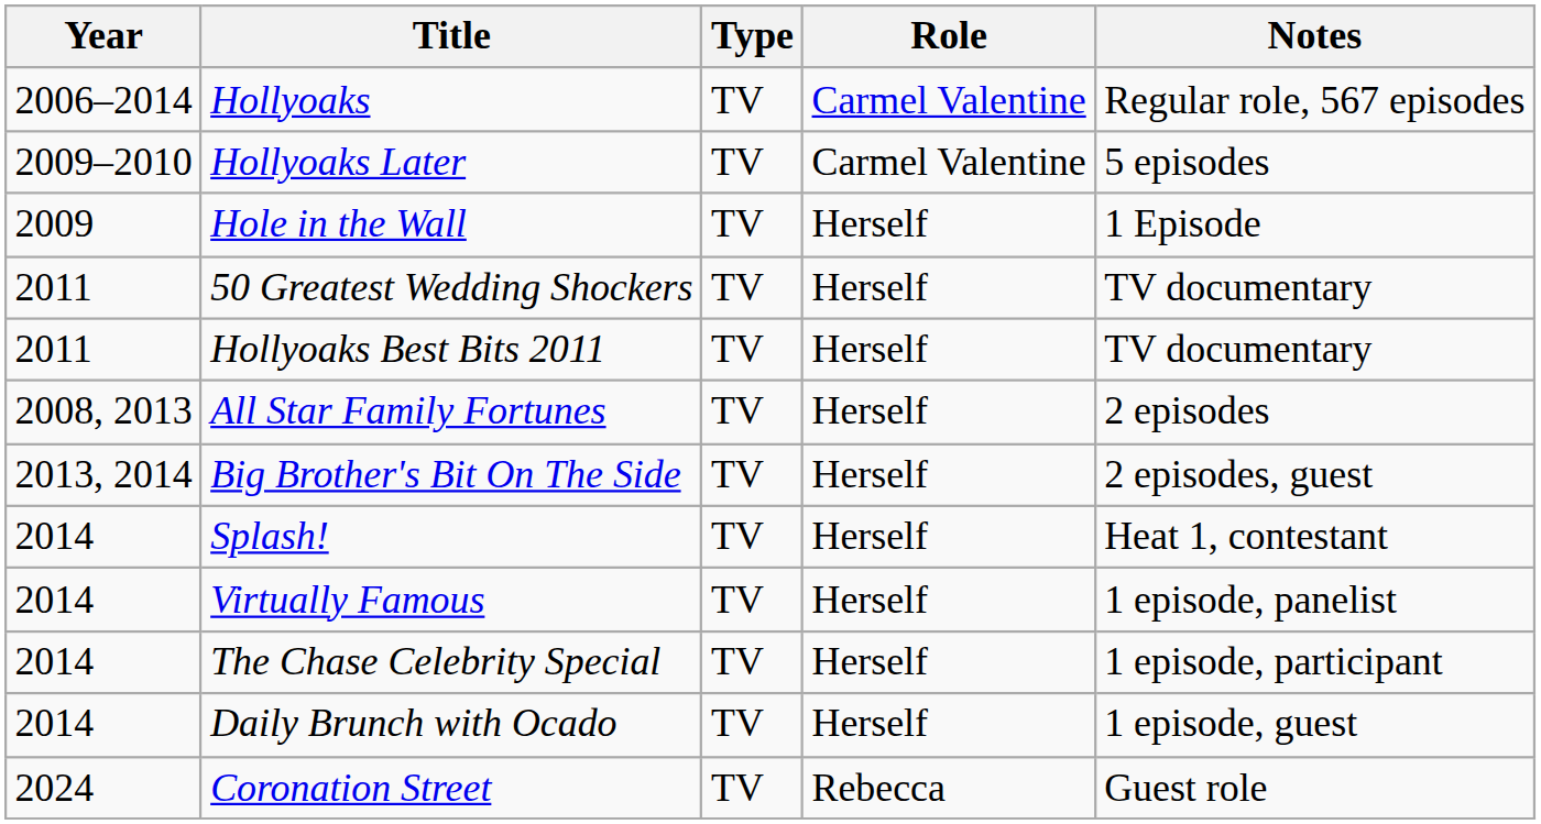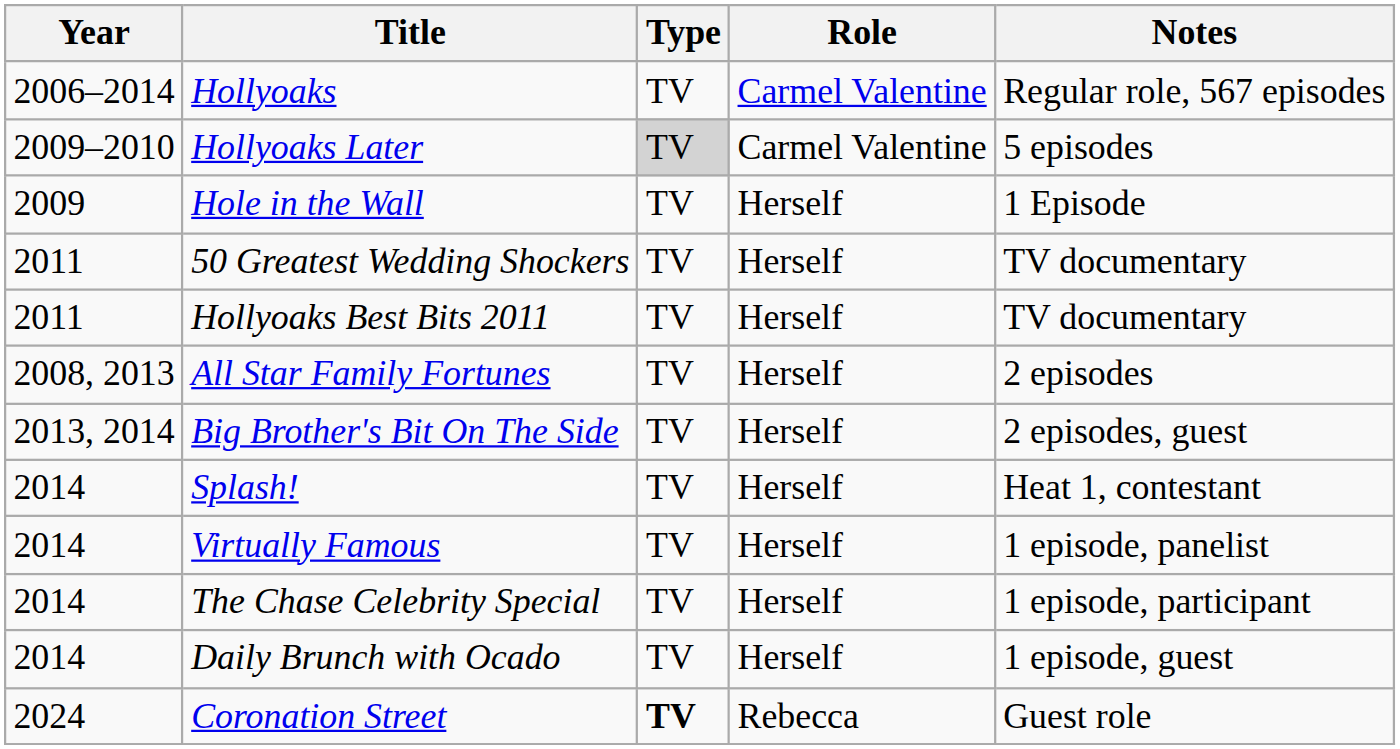 <table class="wikitable sortable">
 <tr>
 <th>Year</th>
 <th>Title</th>
 <th>Type</th>
 <th class="unsortable">Role</th>
 <th class="unsortable">Notes</th>
 </tr>
 <tr>
 <td>2006–2014</td>
 <td><em><a href='#'>Hollyoaks</a></em></td>
 <td>TV</td>
 <td><a href='#'>Carmel Valentine</a></td>
 <td>Regular role, 567 episodes</td>
 </tr>
 <tr>
 <td>2009–2010</td>
 <td><em><a href='#'>Hollyoaks Later</a></em></td>
-<td>TV</td>
+<td style="background: lightgrey;">TV</td>
 <td>Carmel Valentine</td>
 <td>5 episodes</td>
 </tr>
 <tr>
 <td>2009</td>
 <td><em><a href='#'>Hole in the Wall</a></em></td>
 <td>TV</td>
 <td>Herself</td>
 <td>1 Episode</td>
 </tr>
 <tr>
 <td>2011</td>
 <td><em>50 Greatest Wedding Shockers</em></td>
 <td>TV</td>
 <td>Herself</td>
 <td>TV documentary</td>
 </tr>
 <tr>
 <td>2011</td>
 <td><em>Hollyoaks Best Bits 2011</em></td>
 <td>TV</td>
 <td>Herself</td>
 <td>TV documentary</td>
 </tr>
 <tr>
 <td>2008, 2013</td>
 <td><em><a href='#'>All Star Family Fortunes</a></em></td>
 <td>TV</td>
 <td>Herself</td>
 <td>2 episodes</td>
 </tr>
 <tr>
 <td>2013, 2014</td>
 <td><em><a href='#'>Big Brother's Bit On The Side</a></em></td>
 <td>TV</td>
 <td>Herself</td>
 <td>2 episodes, guest</td>
 </tr>
 <tr>
 <td>2014</td>
 <td><em><a href='#'>Splash!</a></em></td>
 <td>TV</td>
 <td>Herself</td>
 <td>Heat 1, contestant</td>
 </tr>
 <tr>
 <td>2014</td>
 <td><em><a href='#'>Virtually Famous</a></em></td>
 <td>TV</td>
 <td>Herself</td>
 <td>1 episode, panelist</td>
 </tr>
 <tr>
 <td>2014</td>
 <td><em>The Chase Celebrity Special</em></td>
 <td>TV</td>
 <td>Herself</td>
 <td>1 episode, participant</td>
 </tr>
 <tr>
 <td>2014</td>
 <td><em>Daily Brunch with Ocado</em></td>
 <td>TV</td>
 <td>Herself</td>
 <td>1 episode, guest</td>
 </tr>
 <tr>
 <td>2024</td>
 <td><em><a href='#'>Coronation Street</a></em></td>
-<td>TV</td>
+<td><strong>TV</strong></td>
 <td>Rebecca</td>
 <td>Guest role</td>
 </tr>
 <tr>
 </tr>
 </table>
